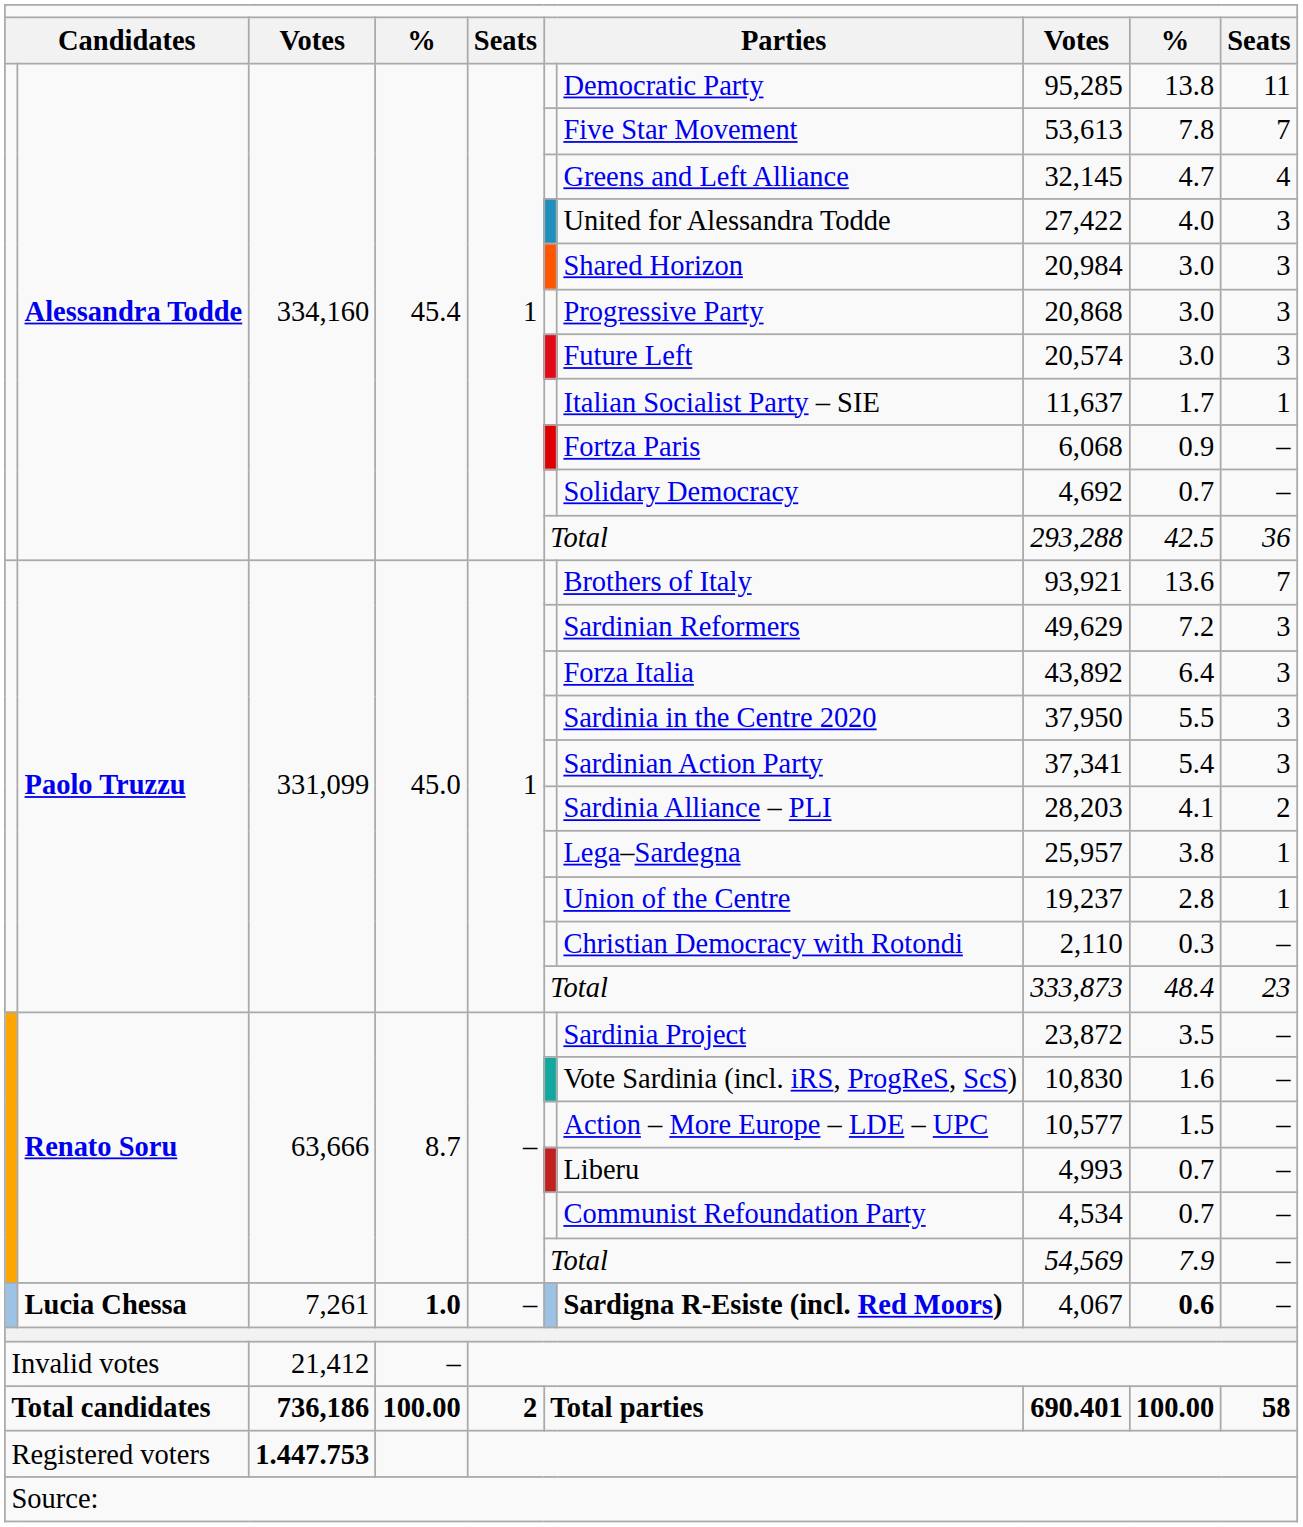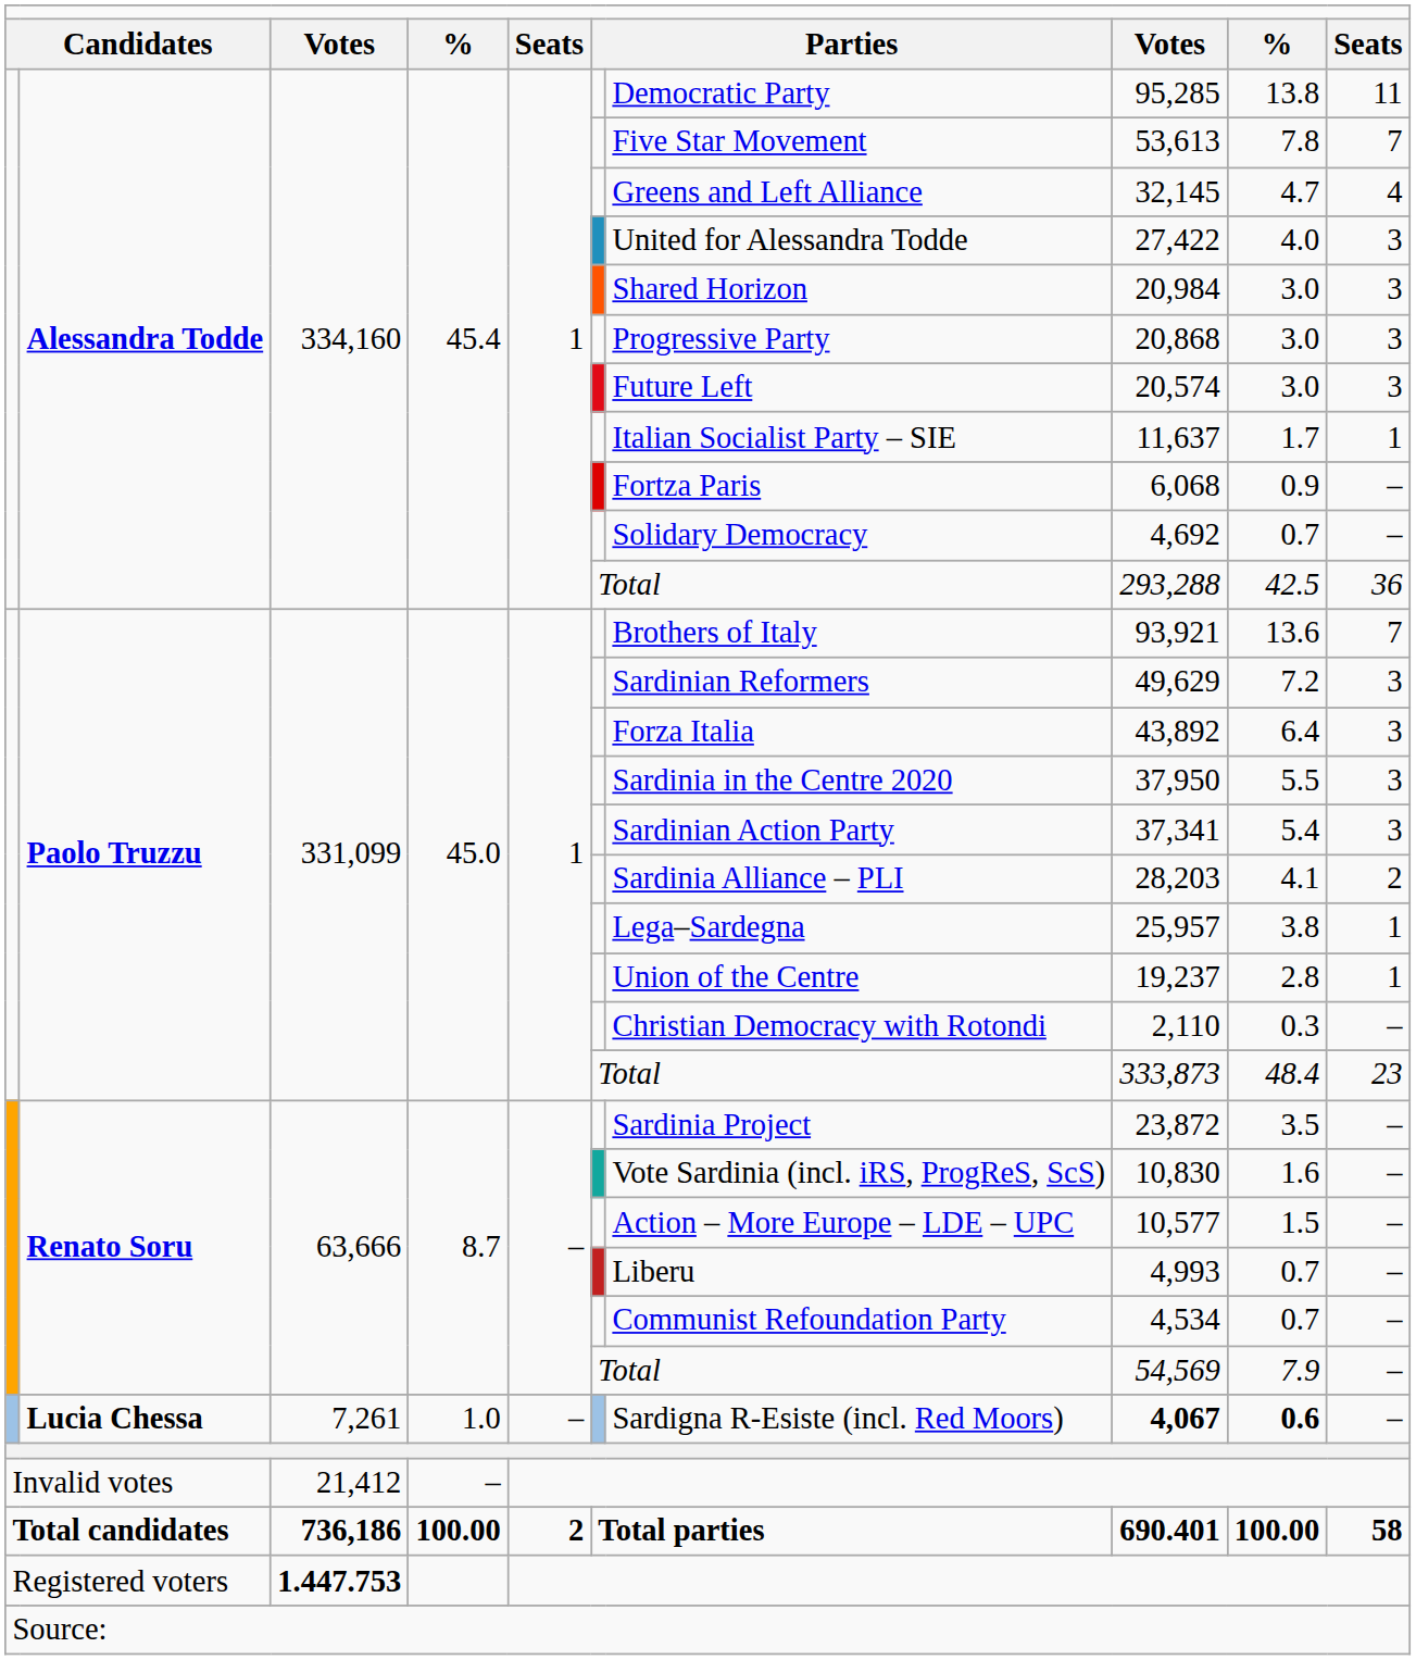 <table class="wikitable" style=text-align:right>
 <tr>
 <td colspan="10" style="text-align:center"></td>
 </tr>
 <tr>
 <th colspan="2">Candidates</th>
 <th>Votes</th>
 <th>%</th>
 <th>Seats</th>
 <th colspan="2">Parties</th>
 <th>Votes</th>
 <th>%</th>
 <th>Seats</th>
 </tr>
 <tr>
 <td rowspan="11"></td>
 <td rowspan="11" align="left"><strong><a href='#'>Alessandra Todde</a></strong></td>
 <td rowspan="11">334,160</td>
 <td rowspan="11">45.4</td>
 <td rowspan="11">1</td>
 <td></td>
 <td align="left"><a href='#'>Democratic Party</a></td>
 <td>95,285</td>
 <td>13.8</td>
 <td>11</td>
 </tr>
 <tr>
 <td style="background-color:"></td>
 <td align="left"><a href='#'>Five Star Movement</a></td>
 <td>53,613</td>
 <td>7.8</td>
 <td>7</td>
 </tr>
 <tr>
 <td style="background-color:"></td>
 <td align="left"><a href='#'>Greens and Left Alliance</a></td>
 <td>32,145</td>
 <td>4.7</td>
 <td>4</td>
 </tr>
 <tr>
 <td style="background-color:#1f90bd"></td>
 <td align="left">United for Alessandra Todde</td>
 <td>27,422</td>
 <td>4.0</td>
 <td>3</td>
 </tr>
 <tr>
 <td style="background-color:#ff5400"></td>
 <td align="left"><a href='#'>Shared Horizon</a></td>
 <td>20,984</td>
 <td>3.0</td>
 <td>3</td>
 </tr>
 <tr>
 <td style="background-color:"></td>
 <td align="left"><a href='#'>Progressive Party</a></td>
 <td>20,868</td>
 <td>3.0</td>
 <td>3</td>
 </tr>
 <tr>
 <td style="background-color:#e20a17"></td>
 <td align="left"><a href='#'>Future Left</a></td>
 <td>20,574</td>
 <td>3.0</td>
 <td>3</td>
 </tr>
 <tr>
 <td style="background-color:"></td>
 <td align="left"><a href='#'>Italian Socialist Party</a> – SIE</td>
 <td>11,637</td>
 <td>1.7</td>
 <td>1</td>
 </tr>
 <tr>
 <td style="background-color:#DE0000"></td>
 <td align="left"><a href='#'>Fortza Paris</a></td>
 <td>6,068</td>
 <td>0.9</td>
 <td>–</td>
 </tr>
 <tr>
 <td style="background-color:"></td>
 <td align="left"><a href='#'>Solidary Democracy</a></td>
 <td>4,692</td>
 <td>0.7</td>
 <td>–</td>
 </tr>
 <tr>
 <td colspan="2" align="left"><em>Total</em></td>
 <td><em>293,288</em></td>
 <td><em>42.5</em></td>
 <td><em>36</em></td>
 </tr>
 <tr>
 <td rowspan="10"></td>
 <td rowspan="10" align="left"><strong><a href='#'>Paolo Truzzu</a></strong></td>
 <td rowspan="10">331,099</td>
 <td rowspan="10">45.0</td>
 <td rowspan="10">1</td>
 <td style="background-color:"></td>
 <td align="left"><a href='#'>Brothers of Italy</a></td>
 <td>93,921</td>
 <td>13.6</td>
 <td>7</td>
 </tr>
 <tr>
 <td style="background-color:"></td>
 <td align="left"><a href='#'>Sardinian Reformers</a></td>
 <td>49,629</td>
 <td>7.2</td>
 <td>3</td>
 </tr>
 <tr>
 <td style="background-color:"></td>
 <td align="left"><a href='#'>Forza Italia</a></td>
 <td>43,892</td>
 <td>6.4</td>
 <td>3</td>
 </tr>
 <tr>
 <td style="background-color:"></td>
 <td align="left"><a href='#'>Sardinia in the Centre 2020</a></td>
 <td>37,950</td>
 <td>5.5</td>
 <td>3</td>
 </tr>
 <tr>
 <td style="background-color:"></td>
 <td align="left"><a href='#'>Sardinian Action Party</a></td>
 <td>37,341</td>
 <td>5.4</td>
 <td>3</td>
 </tr>
 <tr>
 <td style="background-color:"></td>
 <td align="left"><a href='#'>Sardinia Alliance</a> – <a href='#'>PLI</a></td>
 <td>28,203</td>
 <td>4.1</td>
 <td>2</td>
 </tr>
 <tr>
 <td></td>
 <td align="left"><a href='#'>Lega</a>–<a href='#'>Sardegna</a></td>
 <td>25,957</td>
 <td>3.8</td>
 <td>1</td>
 </tr>
 <tr>
 <td style="background-color:"></td>
 <td align="left"><a href='#'>Union of the Centre</a></td>
 <td>19,237</td>
 <td>2.8</td>
 <td>1</td>
 </tr>
 <tr>
 <td style="background-color:"></td>
 <td align="left"><a href='#'>Christian Democracy with Rotondi</a></td>
 <td>2,110</td>
 <td>0.3</td>
 <td>–</td>
 </tr>
 <tr>
 <td colspan="2" align="left"><em>Total</em></td>
 <td><em>333,873</em></td>
 <td><em>48.4</em></td>
 <td><em>23</em></td>
 </tr>
 <tr>
 <td rowspan="6" bgcolor="#FFA500"></td>
 <td rowspan="6" align="left"><strong><a href='#'>Renato Soru</a></strong></td>
 <td rowspan="6">63,666</td>
 <td rowspan="6">8.7</td>
 <td rowspan="6">–</td>
 <td></td>
 <td align="left"><a href='#'>Sardinia Project</a></td>
 <td>23,872</td>
 <td>3.5</td>
 <td>–</td>
 </tr>
 <tr>
 <td bgcolor="#12A89E"></td>
 <td align="left">Vote Sardinia (incl. <a href='#'>iRS</a>, <a href='#'>ProgReS</a>, <a href='#'>ScS</a>)</td>
 <td>10,830</td>
 <td>1.6</td>
 <td>–</td>
 </tr>
 <tr>
 <td></td>
 <td align="left"><a href='#'>Action</a> – <a href='#'>More Europe</a> – <a href='#'>LDE</a> – <a href='#'>UPC</a></td>
 <td>10,577</td>
 <td>1.5</td>
 <td>–</td>
 </tr>
 <tr>
 <td bgcolor="#c2202"></td>
 <td align="left">Liberu</td>
 <td>4,993</td>
 <td>0.7</td>
 <td>–</td>
 </tr>
 <tr>
 <td></td>
 <td align="left"><a href='#'>Communist Refoundation Party</a></td>
 <td>4,534</td>
 <td>0.7</td>
 <td>–</td>
 </tr>
 <tr>
 <td colspan="2" align="left"><em>Total</em></td>
 <td><em>54,569</em></td>
 <td><em>7.9</em></td>
 <td><em>–</em></td>
 </tr>
 <tr>
 <td bgcolor="#9cc2e6"></td>
 <td align=left><strong>Lucia Chessa</strong></td>
 <td>7,261</td>
-<td><strong>1.0</strong></td>
+<td>1.0</td>
 <td>–</td>
 <td bgcolor="#9cc2e6"></td>
-<td align=left><strong>Sardigna R-Esiste (incl. <a href='#'>Red Moors</a>)</strong></td>
-<td>4,067</td>
+<td align=left>Sardigna R-Esiste (incl. <a href='#'>Red Moors</a>)</td>
+<td><strong>4,067</strong></td>
 <td><strong>0.6</strong></td>
 <td>–</td>
 </tr>
 <tr>
 <th colspan="10"></th>
 </tr>
 <tr>
 <td colspan="2" align="left">Invalid votes</td>
 <td align=right>21,412</td>
 <td align=right>–</td>
 <td colspan="6"></td>
 </tr>
 <tr>
 <td colspan="2" align=left><strong>Total candidates</strong></td>
 <td><strong>736,186</strong></td>
 <td><strong>100.00</strong></td>
 <td><strong>2</strong></td>
 <td colspan="2" align=left><strong>Total parties</strong></td>
 <td><strong>690.401</strong></td>
 <td><strong>100.00</strong></td>
 <td><strong>58</strong></td>
 </tr>
 <tr>
 <td colspan="2" align=left>Registered voters</td>
 <td><strong>1.447.753</strong></td>
 <td></td>
 <td colspan=6></td>
 </tr>
 <tr>
 <td colspan="11" align=left>Source: </td>
 </tr>
 </table>
